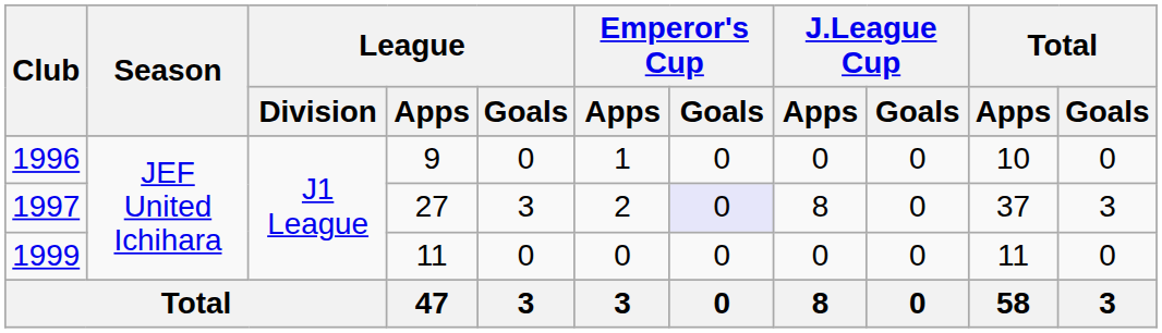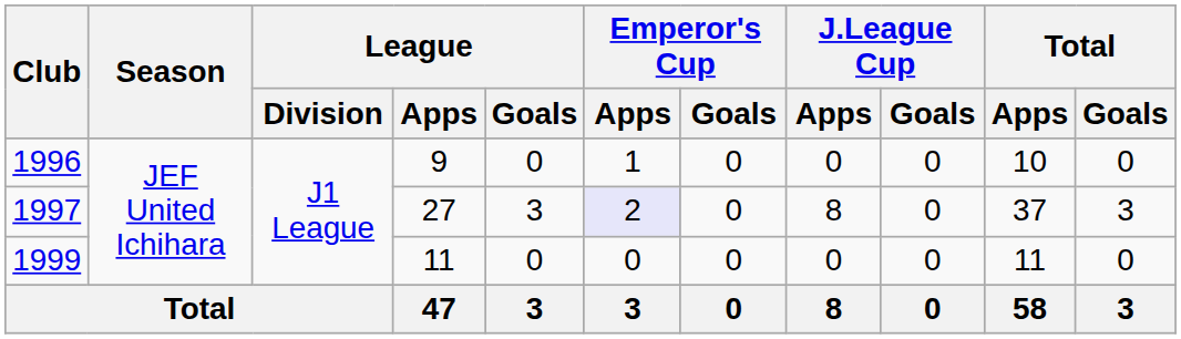 <table class="wikitable" style="text-align:center">
 <tr>
 <th rowspan="2">Club</th>
 <th rowspan="2">Season</th>
 <th colspan="3">League</th>
 <th colspan="2"><a href='#'>Emperor's Cup</a></th>
 <th colspan="2"><a href='#'>J.League Cup</a></th>
 <th colspan="2">Total</th>
 </tr>
 <tr>
 <th>Division</th>
 <th>Apps</th>
 <th>Goals</th>
 <th>Apps</th>
 <th>Goals</th>
 <th>Apps</th>
 <th>Goals</th>
 <th>Apps</th>
 <th>Goals</th>
 </tr>
 <tr>
 <td><a href='#'>1996</a></td>
 <td rowspan="3"><a href='#'>JEF United Ichihara</a></td>
 <td rowspan="3"><a href='#'>J1 League</a></td>
 <td>9</td>
 <td>0</td>
 <td>1</td>
 <td>0</td>
 <td>0</td>
 <td>0</td>
 <td>10</td>
 <td>0</td>
 </tr>
 <tr>
 <td><a href='#'>1997</a></td>
 <td>27</td>
 <td>3</td>
-<td>2</td>
-<td style="background: lavender;">0</td>
+<td style="background: lavender;">2</td>
+<td>0</td>
 <td>8</td>
 <td>0</td>
 <td>37</td>
 <td>3</td>
 </tr>
 <tr>
 <td><a href='#'>1999</a></td>
 <td>11</td>
 <td>0</td>
 <td>0</td>
 <td>0</td>
 <td>0</td>
 <td>0</td>
 <td>11</td>
 <td>0</td>
 </tr>
 <tr>
 <th colspan=3>Total</th>
 <th>47</th>
 <th>3</th>
 <th>3</th>
 <th>0</th>
 <th>8</th>
 <th>0</th>
 <th>58</th>
 <th>3</th>
 </tr>
 </table>
